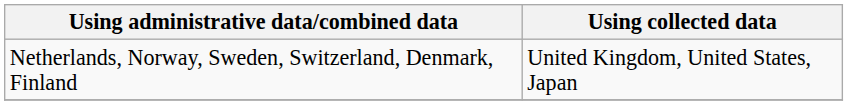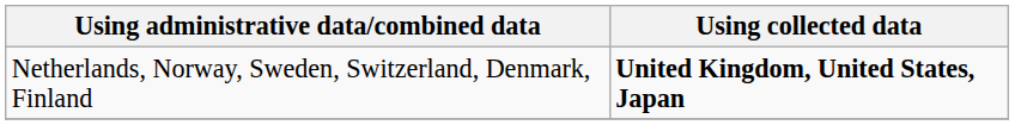 <table class="wikitable mw-collapsible mw-collapsed sortable">
 <tr>
 <th>Using administrative data/combined data</th>
 <th>Using collected data</th>
 </tr>
 <tr>
 <td>Netherlands, Norway, Sweden, Switzerland, Denmark, Finland</td>
-<td>United Kingdom, United States, Japan</td>
+<td><strong>United Kingdom, United States, Japan</strong></td>
 </tr>
 <tr>
 </tr>
 </table>
